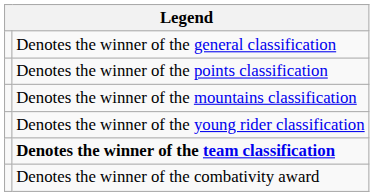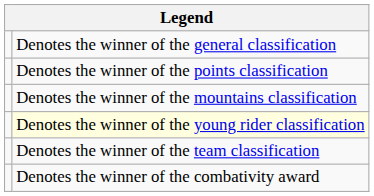 <table class="wikitable">
 <tr>
 <th scope="col" colspan="4">Legend</th>
 </tr>
 <tr>
 <td></td>
 <td>Denotes the winner of the <a href='#'>general classification</a></td>
 </tr>
 <tr>
 <td></td>
 <td>Denotes the winner of the <a href='#'>points classification</a></td>
 </tr>
 <tr>
 <td></td>
 <td>Denotes the winner of the <a href='#'>mountains classification</a></td>
 </tr>
 <tr>
 <td></td>
-<td>Denotes the winner of the <a href='#'>young rider classification</a></td>
+<td style="background: lightyellow;">Denotes the winner of the <a href='#'>young rider classification</a></td>
 </tr>
 <tr>
 <td></td>
-<td><strong>Denotes the winner of the <a href='#'>team classification</a></strong></td>
+<td>Denotes the winner of the <a href='#'>team classification</a></td>
 </tr>
 <tr>
 <td></td>
 <td>Denotes the winner of the combativity award</td>
 </tr>
 </table>
